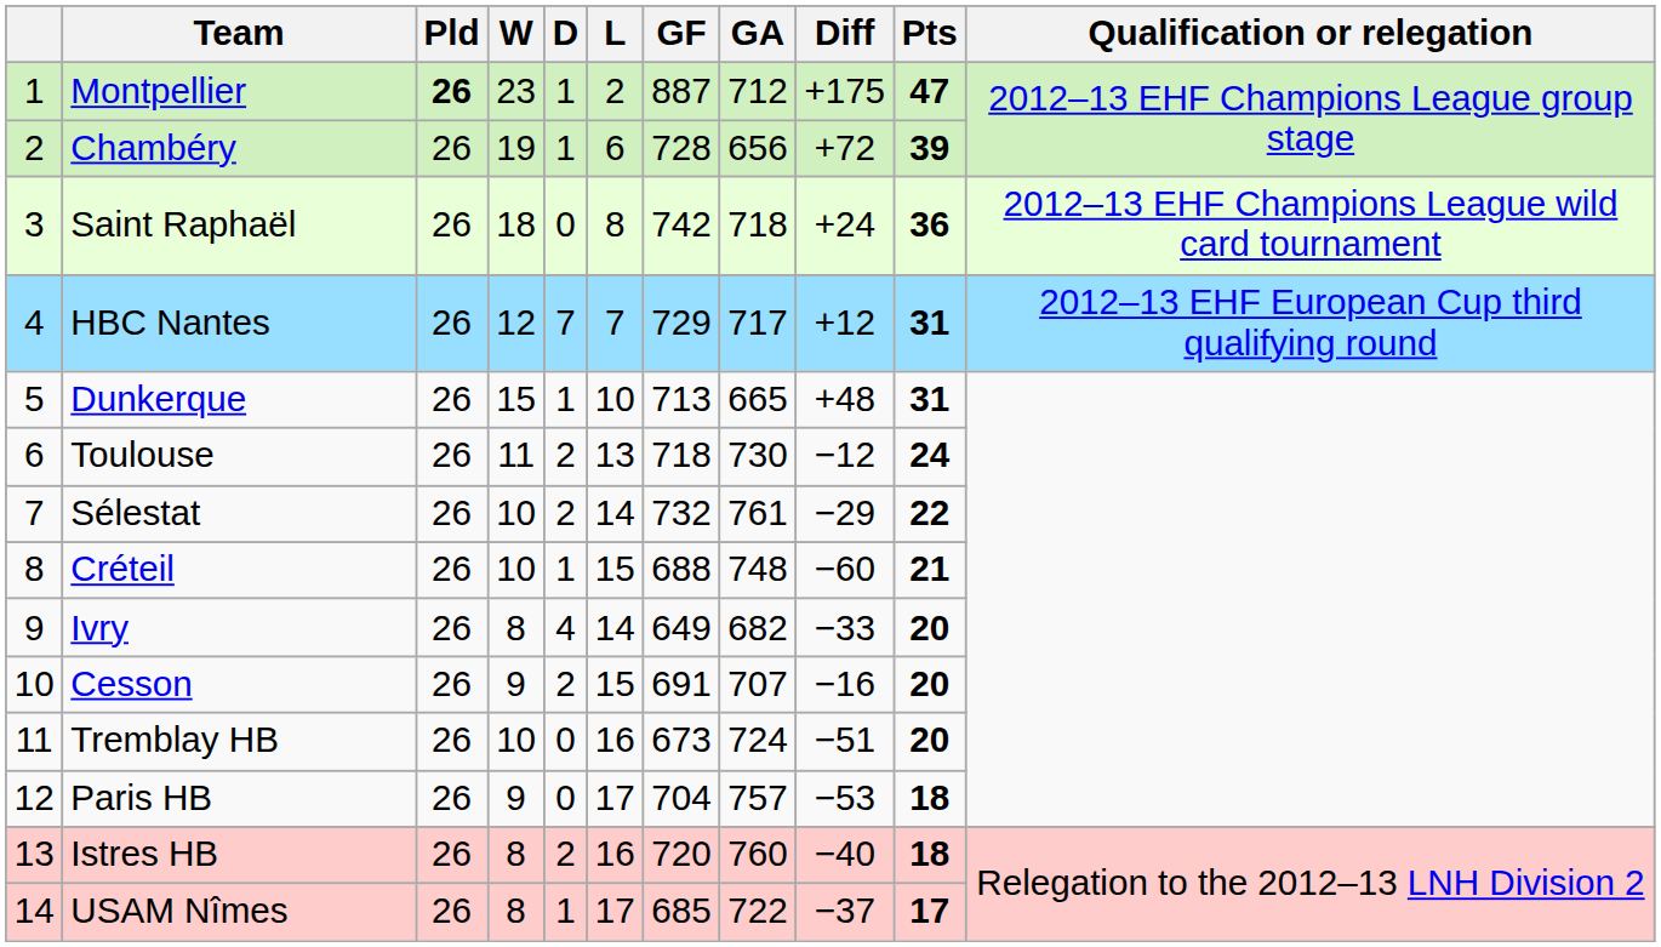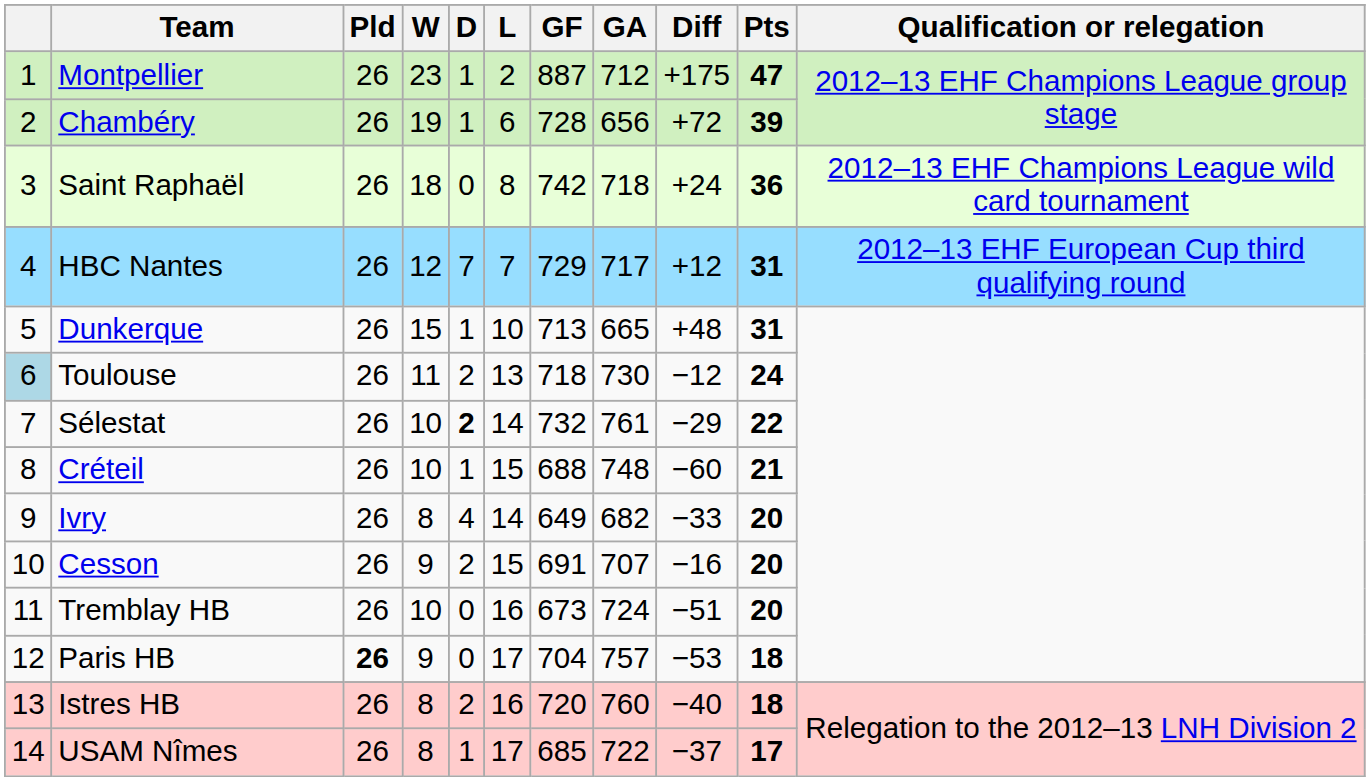 <table class="wikitable sortable" style="text-align:center">
 <tr>
 <th></th>
 <th width="150">Team</th>
 <th>Pld</th>
 <th>W</th>
 <th>D</th>
 <th>L</th>
 <th>GF</th>
 <th>GA</th>
 <th>Diff</th>
 <th>Pts</th>
 <th width="300">Qualification or relegation</th>
 </tr>
 <tr style="background: #D0F0C0;">
 <td>1</td>
 <td align=left><a href='#'>Montpellier</a></td>
-<td><strong>26</strong></td>
+<td>26</td>
 <td>23</td>
 <td>1</td>
 <td>2</td>
 <td>887</td>
 <td>712</td>
 <td>+175</td>
 <td><strong>47</strong></td>
 <td rowspan="2"><a href='#'>2012–13 EHF Champions League group stage</a></td>
 </tr>
 <tr style="background: #D0F0C0;">
 <td>2</td>
 <td align=left><a href='#'>Chambéry</a></td>
 <td>26</td>
 <td>19</td>
 <td>1</td>
 <td>6</td>
 <td>728</td>
 <td>656</td>
 <td>+72</td>
 <td><strong>39</strong></td>
 </tr>
 <tr style="background: #E8FFD8;">
 <td>3</td>
 <td align=left>Saint Raphaël</td>
 <td>26</td>
 <td>18</td>
 <td>0</td>
 <td>8</td>
 <td>742</td>
 <td>718</td>
 <td>+24</td>
 <td><strong>36</strong></td>
 <td><a href='#'>2012–13 EHF Champions League wild card tournament</a></td>
 </tr>
 <tr style="background: #97DEFF;">
 <td>4</td>
 <td align=left>HBC Nantes</td>
 <td>26</td>
 <td>12</td>
 <td>7</td>
 <td>7</td>
 <td>729</td>
 <td>717</td>
 <td>+12</td>
 <td><strong>31</strong></td>
 <td><a href='#'>2012–13 EHF European Cup third qualifying round</a></td>
 </tr>
 <tr>
 <td>5</td>
 <td align=left><a href='#'>Dunkerque</a></td>
 <td>26</td>
 <td>15</td>
 <td>1</td>
 <td>10</td>
 <td>713</td>
 <td>665</td>
 <td>+48</td>
 <td><strong>31</strong></td>
 </tr>
 <tr>
-<td>6</td>
+<td style="background: lightblue;">6</td>
 <td align=left>Toulouse</td>
 <td>26</td>
 <td>11</td>
 <td>2</td>
 <td>13</td>
 <td>718</td>
 <td>730</td>
 <td>−12</td>
 <td><strong>24</strong></td>
 </tr>
 <tr>
 <td>7</td>
 <td align=left>Sélestat</td>
 <td>26</td>
 <td>10</td>
-<td>2</td>
+<td><strong>2</strong></td>
 <td>14</td>
 <td>732</td>
 <td>761</td>
 <td>−29</td>
 <td><strong>22</strong></td>
 </tr>
 <tr>
 <td>8</td>
 <td align=left><a href='#'>Créteil</a></td>
 <td>26</td>
 <td>10</td>
 <td>1</td>
 <td>15</td>
 <td>688</td>
 <td>748</td>
 <td>−60</td>
 <td><strong>21</strong></td>
 </tr>
 <tr>
 <td>9</td>
 <td align=left><a href='#'>Ivry</a></td>
 <td>26</td>
 <td>8</td>
 <td>4</td>
 <td>14</td>
 <td>649</td>
 <td>682</td>
 <td>−33</td>
 <td><strong>20</strong></td>
 </tr>
 <tr>
 <td>10</td>
 <td align=left><a href='#'>Cesson</a></td>
 <td>26</td>
 <td>9</td>
 <td>2</td>
 <td>15</td>
 <td>691</td>
 <td>707</td>
 <td>−16</td>
 <td><strong>20</strong></td>
 </tr>
 <tr>
 <td>11</td>
 <td align=left>Tremblay HB</td>
 <td>26</td>
 <td>10</td>
 <td>0</td>
 <td>16</td>
 <td>673</td>
 <td>724</td>
 <td>−51</td>
 <td><strong>20</strong></td>
 </tr>
 <tr>
 <td>12</td>
 <td align=left>Paris HB</td>
-<td>26</td>
+<td><strong>26</strong></td>
 <td>9</td>
 <td>0</td>
 <td>17</td>
 <td>704</td>
 <td>757</td>
 <td>−53</td>
 <td><strong>18</strong></td>
 </tr>
 <tr style="background: #FFCCCC;">
 <td>13</td>
 <td align=left>Istres HB</td>
 <td>26</td>
 <td>8</td>
 <td>2</td>
 <td>16</td>
 <td>720</td>
 <td>760</td>
 <td>−40</td>
 <td><strong>18</strong></td>
 <td rowspan="2">Relegation to the 2012–13 <a href='#'>LNH Division 2</a></td>
 </tr>
 <tr style="background: #FFCCCC;">
 <td>14</td>
 <td align=left>USAM Nîmes</td>
 <td>26</td>
 <td>8</td>
 <td>1</td>
 <td>17</td>
 <td>685</td>
 <td>722</td>
 <td>−37</td>
 <td><strong>17</strong></td>
 </tr>
 </table>
